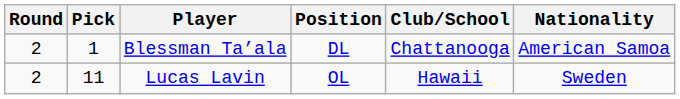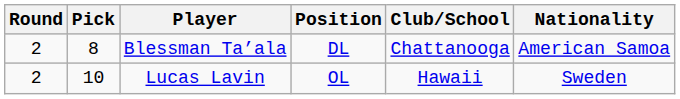 <table class="wikitable sortable">
 <tr>
 <th scope="col">Round</th>
 <th scope="col">Pick</th>
 <th scope="col">Player</th>
 <th scope="col">Position</th>
 <th scope="col">Club/School</th>
 <th scope="col">Nationality</th>
 </tr>
 <tr align="center">
 <td align=center>2</td>
-<td>1</td>
+<td>8</td>
 <td><a href='#'>Blessman Ta’ala</a></td>
 <td><a href='#'>DL</a></td>
 <td><a href='#'>Chattanooga</a></td>
 <td> <a href='#'>American Samoa</a></td>
 </tr>
 <tr align="center">
 <td align=center>2</td>
-<td>11</td>
+<td>10</td>
 <td><a href='#'>Lucas Lavin</a></td>
 <td><a href='#'>OL</a></td>
 <td><a href='#'>Hawaii</a></td>
 <td> <a href='#'>Sweden</a></td>
 </tr>
 </table>
